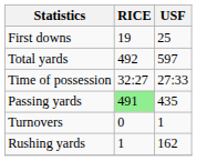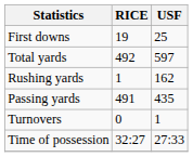 <table class="wikitable" style="float: left;">
 <tr>
 <th>Statistics</th>
 <th>RICE</th>
 <th>USF</th>
 </tr>
 <tr>
 <td>First downs</td>
 <td>19</td>
 <td>25</td>
 </tr>
 <tr>
 <td>Total yards</td>
 <td>492</td>
 <td>597</td>
 </tr>
 <tr>
-<td>Time of possession</td>
-<td>32:27</td>
-<td>27:33</td>
+<td>Rushing yards</td>
+<td>1</td>
+<td>162</td>
 </tr>
 <tr>
 <td>Passing yards</td>
-<td style="background: lightgreen;">491</td>
+<td>491</td>
 <td>435</td>
 </tr>
 <tr>
 <td>Turnovers</td>
 <td>0</td>
 <td>1</td>
 </tr>
 <tr>
-<td>Rushing yards</td>
-<td>1</td>
-<td>162</td>
+<td>Time of possession</td>
+<td>32:27</td>
+<td>27:33</td>
 </tr>
 <tr>
 </tr>
 </table>
